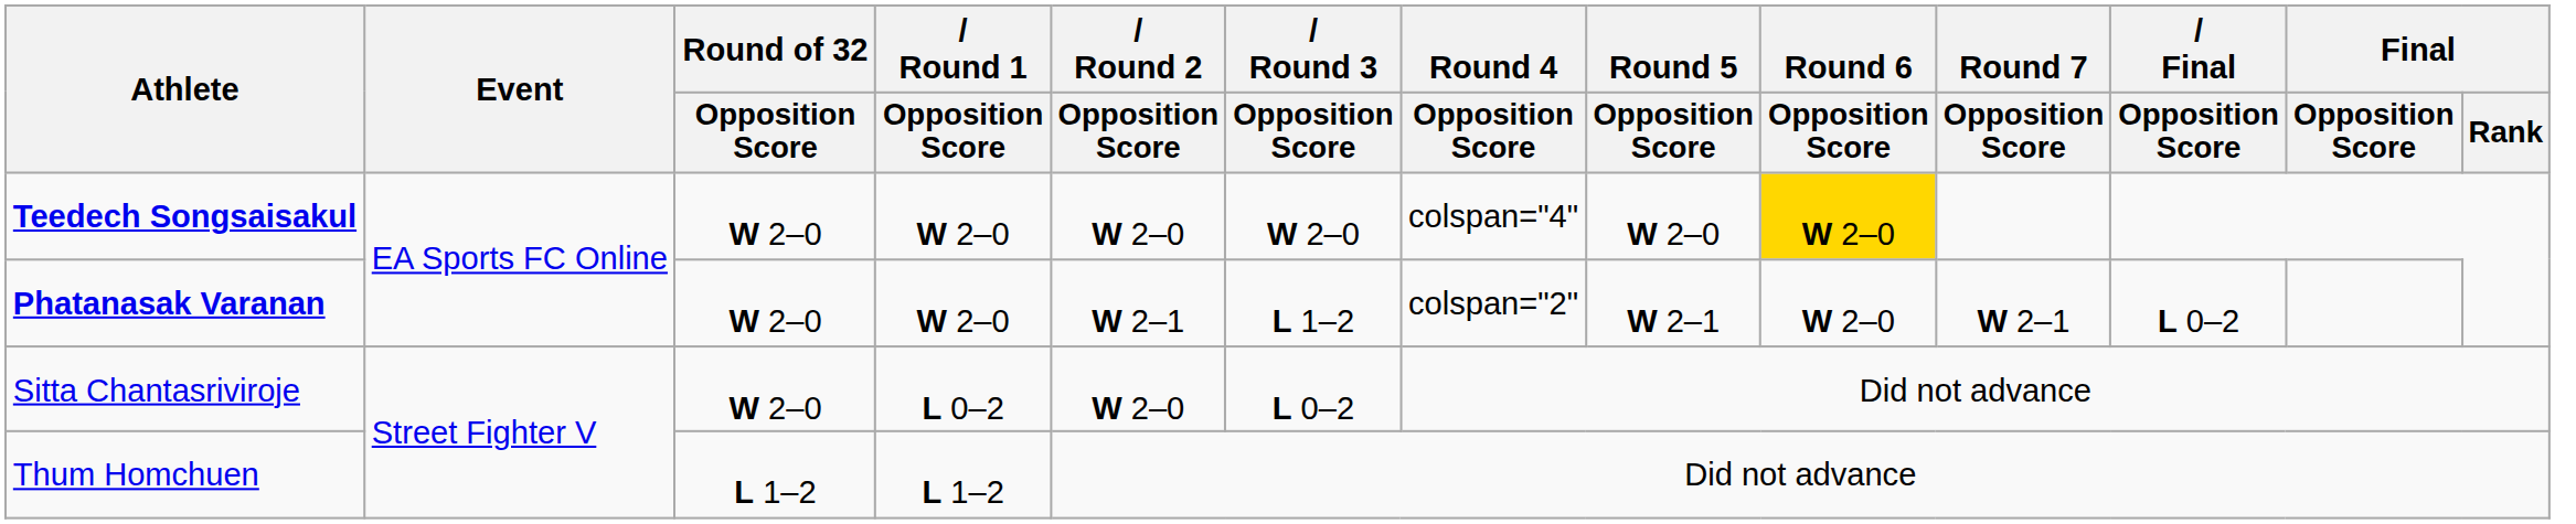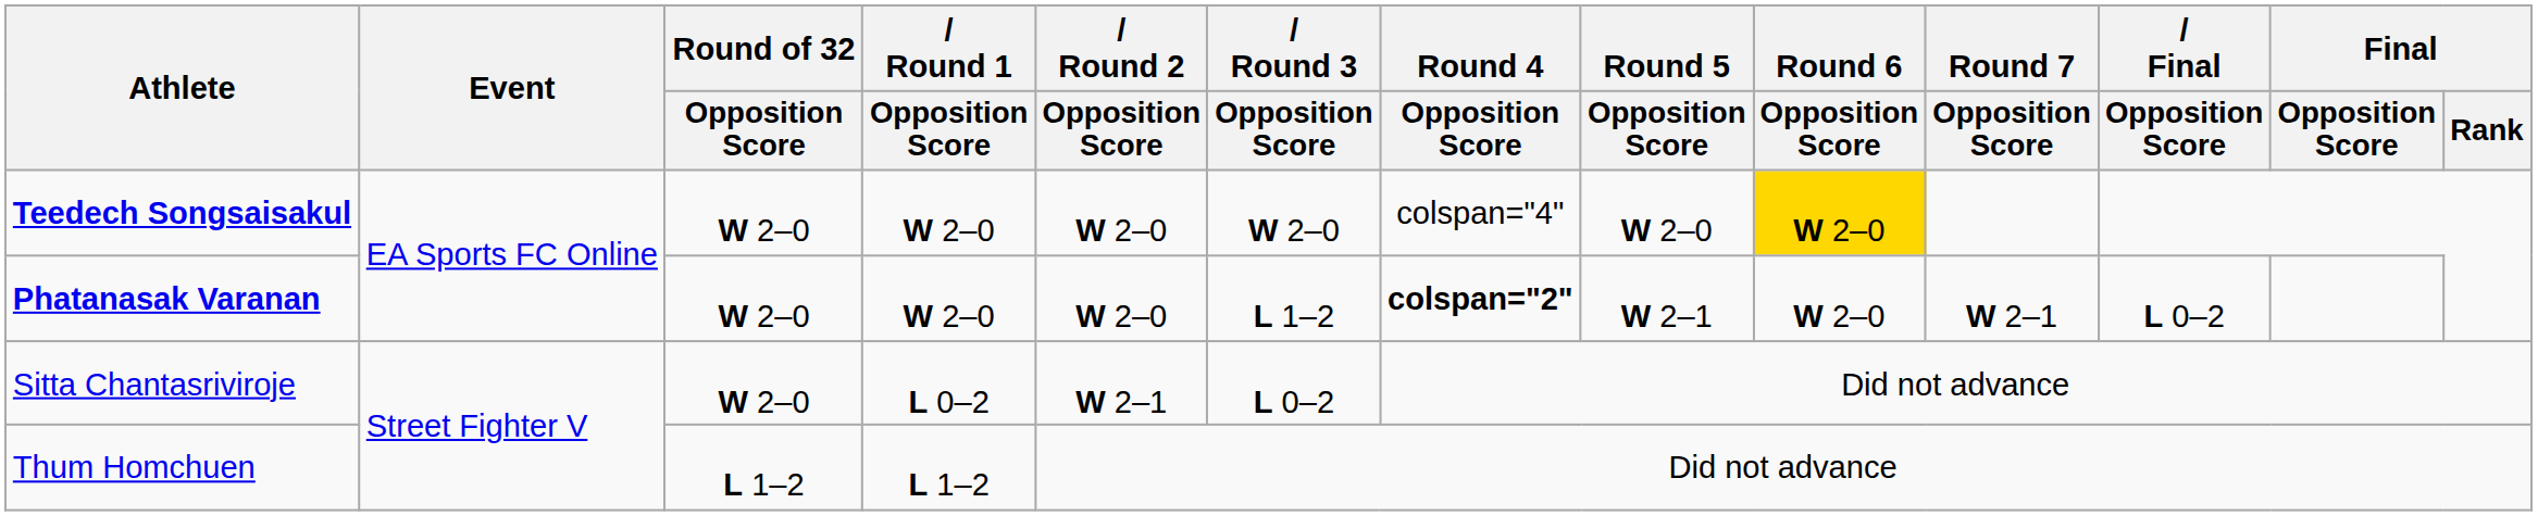 <table class="wikitable" style="font-size:90%;text-align:center">
 <tr>
 <th rowspan="2">Athlete</th>
 <th rowspan="2">Event</th>
 <th>Round of 32</th>
 <th> / <br>Round 1</th>
 <th> / <br>Round 2</th>
 <th> / <br>Round 3</th>
 <th><br>Round 4</th>
 <th><br>Round 5</th>
 <th><br>Round 6</th>
 <th><br>Round 7</th>
 <th> / <br>Final</th>
 <th colspan="2">Final</th>
 </tr>
 <tr style=font-size:95%>
 <th>Opposition<br>Score</th>
 <th>Opposition<br>Score</th>
 <th>Opposition<br>Score</th>
 <th>Opposition<br>Score</th>
 <th>Opposition<br>Score</th>
 <th>Opposition<br>Score</th>
 <th>Opposition<br>Score</th>
 <th>Opposition<br>Score</th>
 <th>Opposition<br>Score</th>
 <th>Opposition<br>Score</th>
 <th>Rank</th>
 </tr>
 <tr>
 <td align="left"><strong><a href='#'>Teedech Songsaisakul</a></strong></td>
 <td align="left" rowspan=2><a href='#'>EA Sports FC Online</a></td>
 <td><br><strong>W</strong> 2–0</td>
 <td><br><strong>W</strong> 2–0</td>
 <td><br><strong>W</strong> 2–0</td>
 <td><br><strong>W</strong> 2–0</td>
 <td>colspan="4" </td>
 <td><br><strong>W</strong> 2–0</td>
 <td style="background: gold;"><br><strong>W</strong> 2–0</td>
 <td></td>
 </tr>
 <tr>
 <td align="left"><strong><a href='#'>Phatanasak Varanan</a></strong></td>
 <td><br><strong>W</strong> 2–0</td>
 <td><br><strong>W</strong> 2–0</td>
-<td><br><strong>W</strong> 2–1</td>
+<td><br><strong>W</strong> 2–0</td>
 <td><br><strong>L</strong> 1–2</td>
-<td>colspan="2" </td>
+<td><strong>colspan="2" </strong></td>
 <td><br><strong>W</strong> 2–1</td>
 <td><br><strong>W</strong> 2–0</td>
 <td><br><strong>W</strong> 2–1</td>
 <td><br><strong>L</strong> 0–2</td>
 <td></td>
 </tr>
 <tr>
 <td align="left"><a href='#'>Sitta Chantasriviroje</a></td>
 <td align="left" rowspan=2><a href='#'>Street Fighter V</a></td>
 <td><br><strong>W</strong> 2–0</td>
 <td><br><strong>L</strong> 0–2</td>
-<td><br><strong>W</strong> 2–0</td>
+<td><br><strong>W</strong> 2–1</td>
 <td><br><strong>L</strong> 0–2</td>
 <td colspan="7">Did not advance</td>
 </tr>
 <tr>
 <td align="left"><a href='#'>Thum Homchuen</a></td>
 <td><br><strong>L</strong> 1–2</td>
 <td><br><strong>L</strong> 1–2</td>
 <td colspan="9">Did not advance</td>
 </tr>
 </table>
